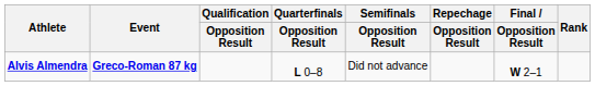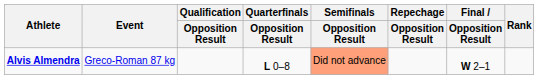 <table class="wikitable" border="1" style="font-size:90%">
 <tr>
 <th rowspan=2>Athlete</th>
 <th rowspan=2>Event</th>
 <th>Qualification</th>
 <th>Quarterfinals</th>
 <th>Semifinals</th>
 <th>Repechage</th>
 <th>Final / </th>
 <th rowspan=2>Rank</th>
 </tr>
 <tr>
 <th>Opposition<br>Result</th>
 <th>Opposition<br>Result</th>
 <th>Opposition<br>Result</th>
 <th>Opposition<br>Result</th>
 <th>Opposition<br>Result</th>
 </tr>
 <tr align=center>
 <td align=left><strong><a href='#'>Alvis Almendra</a></strong></td>
-<td align=left><strong><a href='#'>Greco-Roman 87 kg</a></strong></td>
+<td align=left><a href='#'>Greco-Roman 87 kg</a></td>
 <td></td>
 <td><br><strong>L</strong> 0–8</td>
-<td>Did not advance</td>
+<td style="background: lightsalmon;">Did not advance</td>
 <td></td>
 <td><br><strong>W</strong> 2–1</td>
 <td></td>
 </tr>
 </table>
